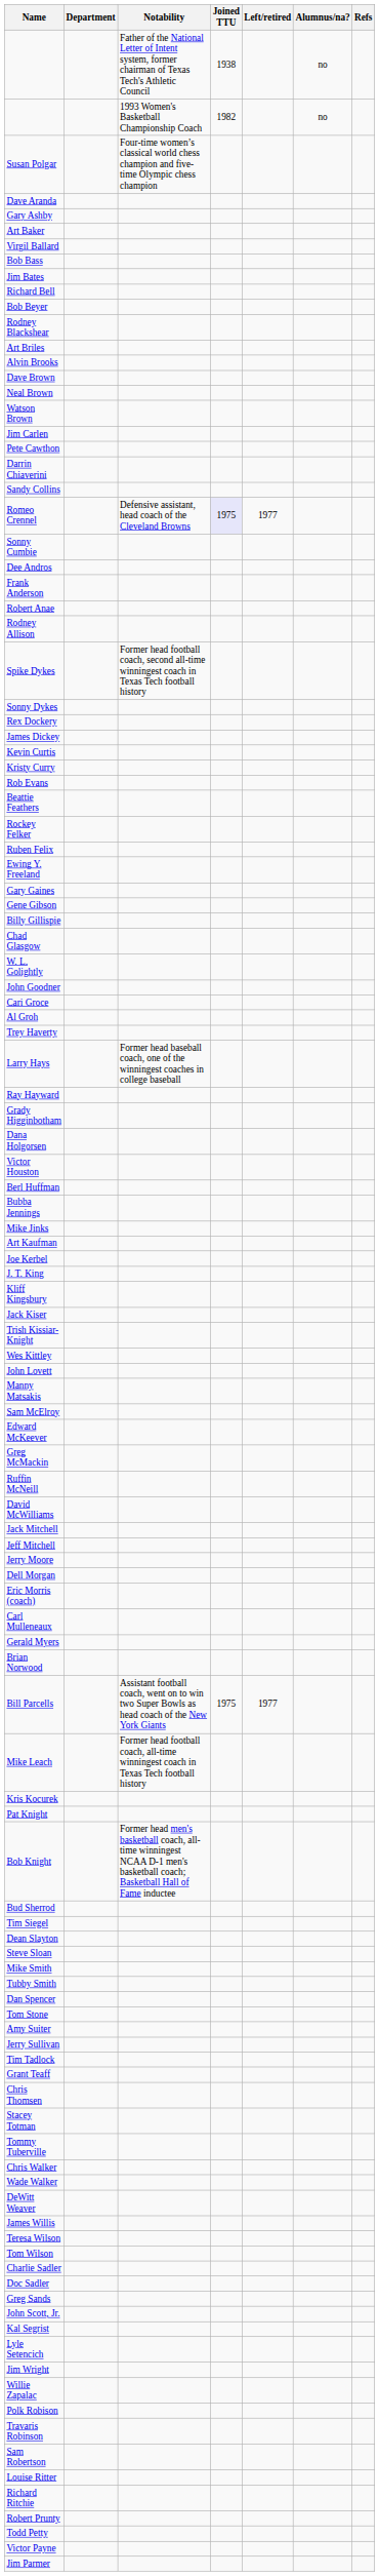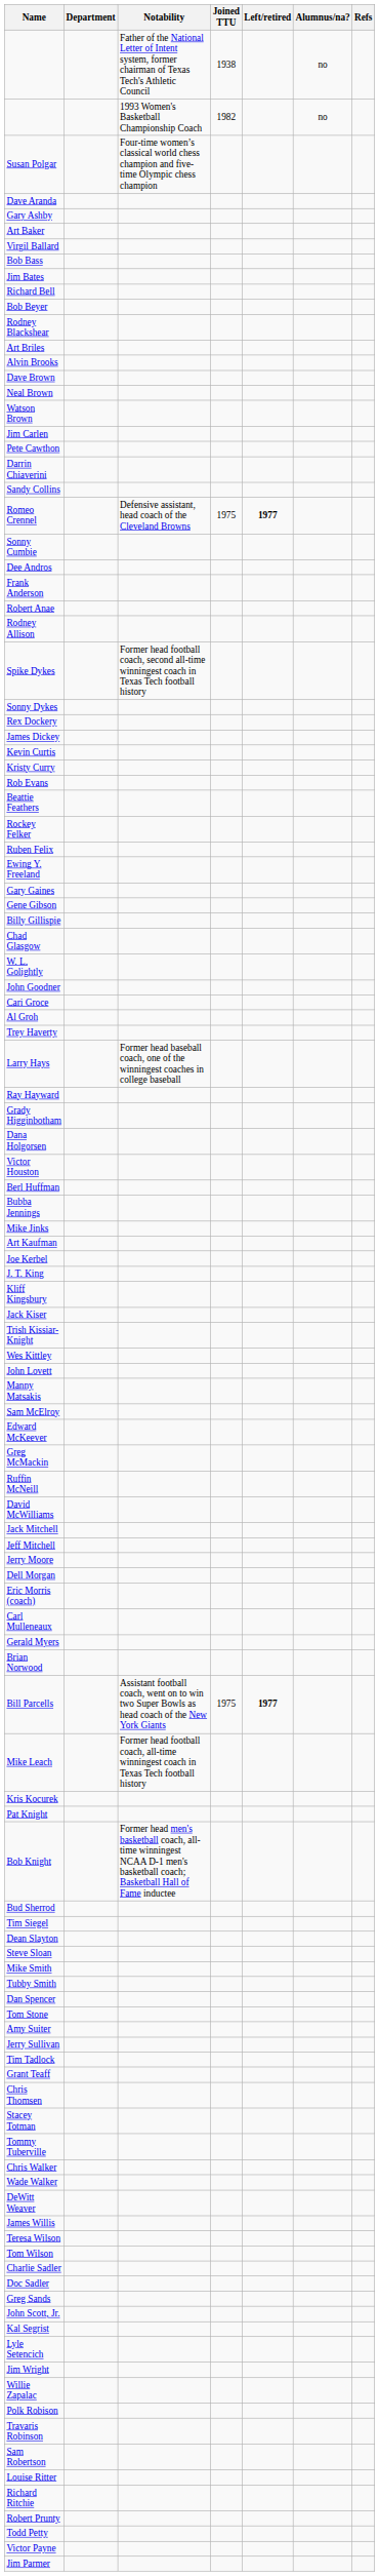 <table class="wikitable sortable" style="width:100%">
 <tr>
 <th width="15%">Name</th>
 <th width="15%">Department</th>
 <th width="50%">Notability</th>
 <th width="*">Joined TTU</th>
 <th width="*">Left/retired</th>
 <th width="*">Alumnus/na?</th>
 <th width="5%" class="unsortable">Refs</th>
 </tr>
 <tr>
 <td></td>
 <td></td>
 <td>Father of the <a href='#'>National Letter of Intent</a> system, former chairman of Texas Tech's Athletic Council</td>
 <td align="center">1938</td>
 <td align="center"></td>
 <td align="center">no</td>
 <td align="center"></td>
 </tr>
 <tr>
 <td></td>
 <td></td>
 <td>1993 Women's Basketball Championship Coach</td>
 <td align="center">1982</td>
 <td align="center"></td>
 <td align="center">no</td>
 <td align="center"></td>
 </tr>
 <tr>
 <td><a href='#'>Susan Polgar</a></td>
 <td></td>
 <td>Four-time women’s classical world chess champion and five-time Olympic chess champion</td>
 <td align="center"></td>
 <td align="center"></td>
 <td align="center"></td>
 <td align="center"></td>
 </tr>
 <tr>
 <td><a href='#'>Dave Aranda</a></td>
 <td></td>
 <td></td>
 <td align="center"></td>
 <td align="center"></td>
 <td align="center"></td>
 <td align="center"></td>
 </tr>
 <tr>
 <td><a href='#'>Gary Ashby</a></td>
 <td></td>
 <td></td>
 <td align="center"></td>
 <td align="center"></td>
 <td align="center"></td>
 <td align="center"></td>
 </tr>
 <tr>
 <td><a href='#'>Art Baker</a></td>
 <td></td>
 <td></td>
 <td align="center"></td>
 <td align="center"></td>
 <td align="center"></td>
 <td align="center"></td>
 </tr>
 <tr>
 <td><a href='#'>Virgil Ballard</a></td>
 <td></td>
 <td></td>
 <td align="center"></td>
 <td align="center"></td>
 <td align="center"></td>
 <td align="center"></td>
 </tr>
 <tr>
 <td><a href='#'>Bob Bass</a></td>
 <td></td>
 <td></td>
 <td align="center"></td>
 <td align="center"></td>
 <td align="center"></td>
 <td align="center"></td>
 </tr>
 <tr>
 <td><a href='#'>Jim Bates</a></td>
 <td></td>
 <td></td>
 <td align="center"></td>
 <td align="center"></td>
 <td align="center"></td>
 <td align="center"></td>
 </tr>
 <tr>
 <td><a href='#'>Richard Bell</a></td>
 <td></td>
 <td></td>
 <td align="center"></td>
 <td align="center"></td>
 <td align="center"></td>
 <td align="center"></td>
 </tr>
 <tr>
 <td><a href='#'>Bob Beyer</a></td>
 <td></td>
 <td></td>
 <td align="center"></td>
 <td align="center"></td>
 <td align="center"></td>
 <td align="center"></td>
 </tr>
 <tr>
 <td><a href='#'>Rodney Blackshear</a></td>
 <td></td>
 <td></td>
 <td align="center"></td>
 <td align="center"></td>
 <td align="center"></td>
 <td align="center"></td>
 </tr>
 <tr>
 <td><a href='#'>Art Briles</a></td>
 <td></td>
 <td></td>
 <td align="center"></td>
 <td align="center"></td>
 <td align="center"></td>
 <td align="center"></td>
 </tr>
 <tr>
 <td><a href='#'>Alvin Brooks</a></td>
 <td></td>
 <td></td>
 <td align="center"></td>
 <td align="center"></td>
 <td align="center"></td>
 <td align="center"></td>
 </tr>
 <tr>
 <td><a href='#'>Dave Brown</a></td>
 <td></td>
 <td></td>
 <td align="center"></td>
 <td align="center"></td>
 <td align="center"></td>
 <td align="center"></td>
 </tr>
 <tr>
 <td><a href='#'>Neal Brown</a></td>
 <td></td>
 <td></td>
 <td align="center"></td>
 <td align="center"></td>
 <td align="center"></td>
 <td align="center"></td>
 </tr>
 <tr>
 <td><a href='#'>Watson Brown</a></td>
 <td></td>
 <td></td>
 <td align="center"></td>
 <td align="center"></td>
 <td align="center"></td>
 <td align="center"></td>
 </tr>
 <tr>
 <td><a href='#'>Jim Carlen</a></td>
 <td></td>
 <td></td>
 <td align="center"></td>
 <td align="center"></td>
 <td align="center"></td>
 <td align="center"></td>
 </tr>
 <tr>
 <td><a href='#'>Pete Cawthon</a></td>
 <td></td>
 <td></td>
 <td align="center"></td>
 <td align="center"></td>
 <td align="center"></td>
 <td align="center"></td>
 </tr>
 <tr>
 <td><a href='#'>Darrin Chiaverini</a></td>
 <td></td>
 <td></td>
 <td align="center"></td>
 <td align="center"></td>
 <td align="center"></td>
 <td align="center"></td>
 </tr>
 <tr>
 <td><a href='#'>Sandy Collins</a></td>
 <td></td>
 <td></td>
 <td align="center"></td>
 <td align="center"></td>
 <td align="center"></td>
 <td align="center"></td>
 </tr>
 <tr>
 <td><a href='#'>Romeo Crennel</a></td>
 <td></td>
 <td>Defensive assistant, head coach of the <a href='#'>Cleveland Browns</a></td>
-<td align="center" style="background: lavender;">1975</td>
-<td align="center">1977</td>
+<td align="center">1975</td>
+<td align="center"><strong>1977</strong></td>
 <td align="center"></td>
 <td align="center"></td>
 </tr>
 <tr>
 <td><a href='#'>Sonny Cumbie</a></td>
 <td></td>
 <td></td>
 <td align="center"></td>
 <td align="center"></td>
 <td align="center"></td>
 <td align="center"></td>
 </tr>
 <tr>
 <td><a href='#'>Dee Andros</a></td>
 <td></td>
 <td></td>
 <td align="center"></td>
 <td align="center"></td>
 <td align="center"></td>
 <td align="center"></td>
 </tr>
 <tr>
 <td><a href='#'>Frank Anderson</a></td>
 <td></td>
 <td></td>
 <td align="center"></td>
 <td align="center"></td>
 <td align="center"></td>
 <td align="center"></td>
 </tr>
 <tr>
 <td><a href='#'>Robert Anae</a></td>
 <td></td>
 <td></td>
 <td align="center"></td>
 <td align="center"></td>
 <td align="center"></td>
 <td align="center"></td>
 </tr>
 <tr>
 <td><a href='#'>Rodney Allison</a></td>
 <td></td>
 <td></td>
 <td align="center"></td>
 <td align="center"></td>
 <td align="center"></td>
 <td align="center"></td>
 </tr>
 <tr>
 <td><a href='#'>Spike Dykes</a></td>
 <td></td>
 <td>Former head football coach, second all-time winningest coach in Texas Tech football history</td>
 <td align="center"></td>
 <td align="center"></td>
 <td align="center"></td>
 <td align="center"></td>
 </tr>
 <tr>
 <td><a href='#'>Sonny Dykes</a></td>
 <td></td>
 <td></td>
 <td align="center"></td>
 <td align="center"></td>
 <td align="center"></td>
 <td align="center"></td>
 </tr>
 <tr>
 <td><a href='#'>Rex Dockery</a></td>
 <td></td>
 <td></td>
 <td align="center"></td>
 <td align="center"></td>
 <td align="center"></td>
 <td align="center"></td>
 </tr>
 <tr>
 <td><a href='#'>James Dickey</a></td>
 <td></td>
 <td></td>
 <td align="center"></td>
 <td align="center"></td>
 <td align="center"></td>
 <td align="center"></td>
 </tr>
 <tr>
 <td><a href='#'>Kevin Curtis</a></td>
 <td></td>
 <td></td>
 <td align="center"></td>
 <td align="center"></td>
 <td align="center"></td>
 <td align="center"></td>
 </tr>
 <tr>
 <td><a href='#'>Kristy Curry</a></td>
 <td></td>
 <td></td>
 <td align="center"></td>
 <td align="center"></td>
 <td align="center"></td>
 <td align="center"></td>
 </tr>
 <tr>
 <td><a href='#'>Rob Evans</a></td>
 <td></td>
 <td></td>
 <td align="center"></td>
 <td align="center"></td>
 <td align="center"></td>
 <td align="center"></td>
 </tr>
 <tr>
 <td><a href='#'>Beattie Feathers</a></td>
 <td></td>
 <td></td>
 <td align="center"></td>
 <td align="center"></td>
 <td align="center"></td>
 <td align="center"></td>
 </tr>
 <tr>
 <td><a href='#'>Rockey Felker</a></td>
 <td></td>
 <td></td>
 <td align="center"></td>
 <td align="center"></td>
 <td align="center"></td>
 <td align="center"></td>
 </tr>
 <tr>
 <td><a href='#'>Ruben Felix</a></td>
 <td></td>
 <td></td>
 <td align="center"></td>
 <td align="center"></td>
 <td align="center"></td>
 <td align="center"></td>
 </tr>
 <tr>
 <td><a href='#'>Ewing Y. Freeland</a></td>
 <td></td>
 <td></td>
 <td align="center"></td>
 <td align="center"></td>
 <td align="center"></td>
 <td align="center"></td>
 </tr>
 <tr>
 <td><a href='#'>Gary Gaines</a></td>
 <td></td>
 <td></td>
 <td align="center"></td>
 <td align="center"></td>
 <td align="center"></td>
 <td align="center"></td>
 </tr>
 <tr>
 <td><a href='#'>Gene Gibson</a></td>
 <td></td>
 <td></td>
 <td align="center"></td>
 <td align="center"></td>
 <td align="center"></td>
 <td align="center"></td>
 </tr>
 <tr>
 <td><a href='#'>Billy Gillispie</a></td>
 <td></td>
 <td></td>
 <td align="center"></td>
 <td align="center"></td>
 <td align="center"></td>
 <td align="center"></td>
 </tr>
 <tr>
 <td><a href='#'>Chad Glasgow</a></td>
 <td></td>
 <td></td>
 <td align="center"></td>
 <td align="center"></td>
 <td align="center"></td>
 <td align="center"></td>
 </tr>
 <tr>
 <td><a href='#'>W. L. Golightly</a></td>
 <td></td>
 <td></td>
 <td align="center"></td>
 <td align="center"></td>
 <td align="center"></td>
 <td align="center"></td>
 </tr>
 <tr>
 <td><a href='#'>John Goodner</a></td>
 <td></td>
 <td></td>
 <td align="center"></td>
 <td align="center"></td>
 <td align="center"></td>
 <td align="center"></td>
 </tr>
 <tr>
 <td><a href='#'>Cari Groce</a></td>
 <td></td>
 <td></td>
 <td align="center"></td>
 <td align="center"></td>
 <td align="center"></td>
 <td align="center"></td>
 </tr>
 <tr>
 <td><a href='#'>Al Groh</a></td>
 <td></td>
 <td></td>
 <td align="center"></td>
 <td align="center"></td>
 <td align="center"></td>
 <td align="center"></td>
 </tr>
 <tr>
 <td><a href='#'>Trey Haverty</a></td>
 <td></td>
 <td></td>
 <td align="center"></td>
 <td align="center"></td>
 <td align="center"></td>
 <td align="center"></td>
 </tr>
 <tr>
 <td><a href='#'>Larry Hays</a></td>
 <td></td>
 <td>Former head baseball coach, one of the winningest coaches in college baseball</td>
 <td align="center"></td>
 <td align="center"></td>
 <td align="center"></td>
 <td align="center"></td>
 </tr>
 <tr>
 <td><a href='#'>Ray Hayward</a></td>
 <td></td>
 <td></td>
 <td align="center"></td>
 <td align="center"></td>
 <td align="center"></td>
 <td align="center"></td>
 </tr>
 <tr>
 <td><a href='#'>Grady Higginbotham</a></td>
 <td></td>
 <td></td>
 <td align="center"></td>
 <td align="center"></td>
 <td align="center"></td>
 <td align="center"></td>
 </tr>
 <tr>
 <td><a href='#'>Dana Holgorsen</a></td>
 <td></td>
 <td></td>
 <td align="center"></td>
 <td align="center"></td>
 <td align="center"></td>
 <td align="center"></td>
 </tr>
 <tr>
 <td><a href='#'>Victor Houston</a></td>
 <td></td>
 <td></td>
 <td align="center"></td>
 <td align="center"></td>
 <td align="center"></td>
 <td align="center"></td>
 </tr>
 <tr>
 <td><a href='#'>Berl Huffman</a></td>
 <td></td>
 <td></td>
 <td align="center"></td>
 <td align="center"></td>
 <td align="center"></td>
 <td align="center"></td>
 </tr>
 <tr>
 <td><a href='#'>Bubba Jennings</a></td>
 <td></td>
 <td></td>
 <td align="center"></td>
 <td align="center"></td>
 <td align="center"></td>
 <td align="center"></td>
 </tr>
 <tr>
 <td><a href='#'>Mike Jinks</a></td>
 <td></td>
 <td></td>
 <td align="center"></td>
 <td align="center"></td>
 <td align="center"></td>
 <td align="center"></td>
 </tr>
 <tr>
 <td><a href='#'>Art Kaufman</a></td>
 <td></td>
 <td></td>
 <td align="center"></td>
 <td align="center"></td>
 <td align="center"></td>
 <td align="center"></td>
 </tr>
 <tr>
 <td><a href='#'>Joe Kerbel</a></td>
 <td></td>
 <td></td>
 <td align="center"></td>
 <td align="center"></td>
 <td align="center"></td>
 <td align="center"></td>
 </tr>
 <tr>
 <td><a href='#'>J. T. King</a></td>
 <td></td>
 <td></td>
 <td align="center"></td>
 <td align="center"></td>
 <td align="center"></td>
 <td align="center"></td>
 </tr>
 <tr>
 <td><a href='#'>Kliff Kingsbury</a></td>
 <td></td>
 <td></td>
 <td align="center"></td>
 <td align="center"></td>
 <td align="center"></td>
 <td align="center"></td>
 </tr>
 <tr>
 <td><a href='#'>Jack Kiser</a></td>
 <td></td>
 <td></td>
 <td align="center"></td>
 <td align="center"></td>
 <td align="center"></td>
 <td align="center"></td>
 </tr>
 <tr>
 <td><a href='#'>Trish Kissiar-Knight</a></td>
 <td></td>
 <td></td>
 <td align="center"></td>
 <td align="center"></td>
 <td align="center"></td>
 <td align="center"></td>
 </tr>
 <tr>
 <td><a href='#'>Wes Kittley</a></td>
 <td></td>
 <td></td>
 <td align="center"></td>
 <td align="center"></td>
 <td align="center"></td>
 <td align="center"></td>
 </tr>
 <tr>
 <td><a href='#'>John Lovett</a></td>
 <td></td>
 <td></td>
 <td align="center"></td>
 <td align="center"></td>
 <td align="center"></td>
 <td align="center"></td>
 </tr>
 <tr>
 <td><a href='#'>Manny Matsakis</a></td>
 <td></td>
 <td></td>
 <td align="center"></td>
 <td align="center"></td>
 <td align="center"></td>
 <td align="center"></td>
 </tr>
 <tr>
 <td><a href='#'>Sam McElroy</a></td>
 <td></td>
 <td></td>
 <td align="center"></td>
 <td align="center"></td>
 <td align="center"></td>
 <td align="center"></td>
 </tr>
 <tr>
 <td><a href='#'>Edward McKeever</a></td>
 <td></td>
 <td></td>
 <td align="center"></td>
 <td align="center"></td>
 <td align="center"></td>
 <td align="center"></td>
 </tr>
 <tr>
 <td><a href='#'>Greg McMackin</a></td>
 <td></td>
 <td></td>
 <td align="center"></td>
 <td align="center"></td>
 <td align="center"></td>
 <td align="center"></td>
 </tr>
 <tr>
 <td><a href='#'>Ruffin McNeill</a></td>
 <td></td>
 <td></td>
 <td align="center"></td>
 <td align="center"></td>
 <td align="center"></td>
 <td align="center"></td>
 </tr>
 <tr>
 <td><a href='#'>David McWilliams</a></td>
 <td></td>
 <td></td>
 <td align="center"></td>
 <td align="center"></td>
 <td align="center"></td>
 <td align="center"></td>
 </tr>
 <tr>
 <td><a href='#'>Jack Mitchell</a></td>
 <td></td>
 <td></td>
 <td align="center"></td>
 <td align="center"></td>
 <td align="center"></td>
 <td align="center"></td>
 </tr>
 <tr>
 <td><a href='#'>Jeff Mitchell</a></td>
 <td></td>
 <td></td>
 <td align="center"></td>
 <td align="center"></td>
 <td align="center"></td>
 <td align="center"></td>
 </tr>
 <tr>
 <td><a href='#'>Jerry Moore</a></td>
 <td></td>
 <td></td>
 <td align="center"></td>
 <td align="center"></td>
 <td align="center"></td>
 <td align="center"></td>
 </tr>
 <tr>
 <td><a href='#'>Dell Morgan</a></td>
 <td></td>
 <td></td>
 <td align="center"></td>
 <td align="center"></td>
 <td align="center"></td>
 <td align="center"></td>
 </tr>
 <tr>
 <td><a href='#'>Eric Morris (coach)</a></td>
 <td></td>
 <td></td>
 <td align="center"></td>
 <td align="center"></td>
 <td align="center"></td>
 <td align="center"></td>
 </tr>
 <tr>
 <td><a href='#'>Carl Mulleneaux</a></td>
 <td></td>
 <td></td>
 <td align="center"></td>
 <td align="center"></td>
 <td align="center"></td>
 <td align="center"></td>
 </tr>
 <tr>
 <td><a href='#'>Gerald Myers</a></td>
 <td></td>
 <td></td>
 <td align="center"></td>
 <td align="center"></td>
 <td align="center"></td>
 <td align="center"></td>
 </tr>
 <tr>
 <td><a href='#'>Brian Norwood</a></td>
 <td></td>
 <td></td>
 <td align="center"></td>
 <td align="center"></td>
 <td align="center"></td>
 <td align="center"></td>
 </tr>
 <tr>
 <td><a href='#'>Bill Parcells</a></td>
 <td></td>
 <td>Assistant football coach, went on to win two Super Bowls as head coach of the <a href='#'>New York Giants</a></td>
 <td align="center">1975</td>
-<td align="center">1977</td>
+<td align="center"><strong>1977</strong></td>
 <td align="center"></td>
 <td align="center"></td>
 </tr>
 <tr>
 <td><a href='#'>Mike Leach</a></td>
 <td></td>
 <td>Former head football coach, all-time winningest coach in Texas Tech football history</td>
 <td align="center"></td>
 <td align="center"></td>
 <td align="center"></td>
 <td align="center"></td>
 </tr>
 <tr>
 <td><a href='#'>Kris Kocurek</a></td>
 <td></td>
 <td></td>
 <td align="center"></td>
 <td align="center"></td>
 <td align="center"></td>
 <td align="center"></td>
 </tr>
 <tr>
 <td><a href='#'>Pat Knight</a></td>
 <td></td>
 <td></td>
 <td align="center"></td>
 <td align="center"></td>
 <td align="center"></td>
 <td align="center"></td>
 </tr>
 <tr>
 <td><a href='#'>Bob Knight</a></td>
 <td></td>
 <td>Former head <a href='#'>men's basketball</a> coach, all-time winningest NCAA D-1 men's basketball coach; <a href='#'>Basketball Hall of Fame</a> inductee</td>
 <td align="center"></td>
 <td align="center"></td>
 <td align="center"></td>
 <td align="center"></td>
 </tr>
 <tr>
 <td><a href='#'>Bud Sherrod</a></td>
 <td></td>
 <td></td>
 <td align="center"></td>
 <td align="center"></td>
 <td align="center"></td>
 <td align="center"></td>
 </tr>
 <tr>
 <td><a href='#'>Tim Siegel</a></td>
 <td></td>
 <td></td>
 <td align="center"></td>
 <td align="center"></td>
 <td align="center"></td>
 <td align="center"></td>
 </tr>
 <tr>
 <td><a href='#'>Dean Slayton</a></td>
 <td></td>
 <td></td>
 <td align="center"></td>
 <td align="center"></td>
 <td align="center"></td>
 <td align="center"></td>
 </tr>
 <tr>
 <td><a href='#'>Steve Sloan</a></td>
 <td></td>
 <td></td>
 <td align="center"></td>
 <td align="center"></td>
 <td align="center"></td>
 <td align="center"></td>
 </tr>
 <tr>
 <td><a href='#'>Mike Smith</a></td>
 <td></td>
 <td></td>
 <td align="center"></td>
 <td align="center"></td>
 <td align="center"></td>
 <td align="center"></td>
 </tr>
 <tr>
 <td><a href='#'>Tubby Smith</a></td>
 <td></td>
 <td></td>
 <td align="center"></td>
 <td align="center"></td>
 <td align="center"></td>
 <td align="center"></td>
 </tr>
 <tr>
 <td><a href='#'>Dan Spencer</a></td>
 <td></td>
 <td></td>
 <td align="center"></td>
 <td align="center"></td>
 <td align="center"></td>
 <td align="center"></td>
 </tr>
 <tr>
 <td><a href='#'>Tom Stone</a></td>
 <td></td>
 <td></td>
 <td align="center"></td>
 <td align="center"></td>
 <td align="center"></td>
 <td align="center"></td>
 </tr>
 <tr>
 <td><a href='#'>Amy Suiter</a></td>
 <td></td>
 <td></td>
 <td align="center"></td>
 <td align="center"></td>
 <td align="center"></td>
 <td align="center"></td>
 </tr>
 <tr>
 <td><a href='#'>Jerry Sullivan</a></td>
 <td></td>
 <td></td>
 <td align="center"></td>
 <td align="center"></td>
 <td align="center"></td>
 <td align="center"></td>
 </tr>
 <tr>
 <td><a href='#'>Tim Tadlock</a></td>
 <td></td>
 <td></td>
 <td align="center"></td>
 <td align="center"></td>
 <td align="center"></td>
 <td align="center"></td>
 </tr>
 <tr>
 <td><a href='#'>Grant Teaff</a></td>
 <td></td>
 <td></td>
 <td align="center"></td>
 <td align="center"></td>
 <td align="center"></td>
 <td align="center"></td>
 </tr>
 <tr>
 <td><a href='#'>Chris Thomsen</a></td>
 <td></td>
 <td></td>
 <td align="center"></td>
 <td align="center"></td>
 <td align="center"></td>
 <td align="center"></td>
 </tr>
 <tr>
 <td><a href='#'>Stacey Totman</a></td>
 <td></td>
 <td></td>
 <td align="center"></td>
 <td align="center"></td>
 <td align="center"></td>
 <td align="center"></td>
 </tr>
 <tr>
 <td><a href='#'>Tommy Tuberville</a></td>
 <td></td>
 <td></td>
 <td align="center"></td>
 <td align="center"></td>
 <td align="center"></td>
 <td align="center"></td>
 </tr>
 <tr>
 <td><a href='#'>Chris Walker</a></td>
 <td></td>
 <td></td>
 <td align="center"></td>
 <td align="center"></td>
 <td align="center"></td>
 <td align="center"></td>
 </tr>
 <tr>
 <td><a href='#'>Wade Walker</a></td>
 <td></td>
 <td></td>
 <td align="center"></td>
 <td align="center"></td>
 <td align="center"></td>
 <td align="center"></td>
 </tr>
 <tr>
 <td><a href='#'>DeWitt Weaver</a></td>
 <td></td>
 <td></td>
 <td align="center"></td>
 <td align="center"></td>
 <td align="center"></td>
 <td align="center"></td>
 </tr>
 <tr>
 <td><a href='#'>James Willis</a></td>
 <td></td>
 <td></td>
 <td align="center"></td>
 <td align="center"></td>
 <td align="center"></td>
 <td align="center"></td>
 </tr>
 <tr>
 <td><a href='#'>Teresa Wilson</a></td>
 <td></td>
 <td></td>
 <td align="center"></td>
 <td align="center"></td>
 <td align="center"></td>
 <td align="center"></td>
 </tr>
 <tr>
 <td><a href='#'>Tom Wilson</a></td>
 <td></td>
 <td></td>
 <td align="center"></td>
 <td align="center"></td>
 <td align="center"></td>
 <td align="center"></td>
 </tr>
 <tr>
 <td><a href='#'>Charlie Sadler</a></td>
 <td></td>
 <td></td>
 <td align="center"></td>
 <td align="center"></td>
 <td align="center"></td>
 <td align="center"></td>
 </tr>
 <tr>
 <td><a href='#'>Doc Sadler</a></td>
 <td></td>
 <td></td>
 <td align="center"></td>
 <td align="center"></td>
 <td align="center"></td>
 <td align="center"></td>
 </tr>
 <tr>
 <td><a href='#'>Greg Sands</a></td>
 <td></td>
 <td></td>
 <td align="center"></td>
 <td align="center"></td>
 <td align="center"></td>
 <td align="center"></td>
 </tr>
 <tr>
 <td><a href='#'>John Scott, Jr.</a></td>
 <td></td>
 <td></td>
 <td align="center"></td>
 <td align="center"></td>
 <td align="center"></td>
 <td align="center"></td>
 </tr>
 <tr>
 <td><a href='#'>Kal Segrist</a></td>
 <td></td>
 <td></td>
 <td align="center"></td>
 <td align="center"></td>
 <td align="center"></td>
 <td align="center"></td>
 </tr>
 <tr>
 <td><a href='#'>Lyle Setencich</a></td>
 <td></td>
 <td></td>
 <td align="center"></td>
 <td align="center"></td>
 <td align="center"></td>
 <td align="center"></td>
 </tr>
 <tr>
 <td><a href='#'>Jim Wright</a></td>
 <td></td>
 <td></td>
 <td align="center"></td>
 <td align="center"></td>
 <td align="center"></td>
 <td align="center"></td>
 </tr>
 <tr>
 <td><a href='#'>Willie Zapalac</a></td>
 <td></td>
 <td></td>
 <td align="center"></td>
 <td align="center"></td>
 <td align="center"></td>
 <td align="center"></td>
 </tr>
 <tr>
 <td><a href='#'>Polk Robison</a></td>
 <td></td>
 <td></td>
 <td align="center"></td>
 <td align="center"></td>
 <td align="center"></td>
 <td align="center"></td>
 </tr>
 <tr>
 <td><a href='#'>Travaris Robinson</a></td>
 <td></td>
 <td></td>
 <td align="center"></td>
 <td align="center"></td>
 <td align="center"></td>
 <td align="center"></td>
 </tr>
 <tr>
 <td><a href='#'>Sam Robertson</a></td>
 <td></td>
 <td></td>
 <td align="center"></td>
 <td align="center"></td>
 <td align="center"></td>
 <td align="center"></td>
 </tr>
 <tr>
 <td><a href='#'>Louise Ritter</a></td>
 <td></td>
 <td></td>
 <td align="center"></td>
 <td align="center"></td>
 <td align="center"></td>
 <td align="center"></td>
 </tr>
 <tr>
 <td><a href='#'>Richard Ritchie</a></td>
 <td></td>
 <td></td>
 <td align="center"></td>
 <td align="center"></td>
 <td align="center"></td>
 <td align="center"></td>
 </tr>
 <tr>
 <td><a href='#'>Robert Prunty</a></td>
 <td></td>
 <td></td>
 <td align="center"></td>
 <td align="center"></td>
 <td align="center"></td>
 <td align="center"></td>
 </tr>
 <tr>
 <td><a href='#'>Todd Petty</a></td>
 <td></td>
 <td></td>
 <td align="center"></td>
 <td align="center"></td>
 <td align="center"></td>
 <td align="center"></td>
 </tr>
 <tr>
 <td><a href='#'>Victor Payne</a></td>
 <td></td>
 <td></td>
 <td align="center"></td>
 <td align="center"></td>
 <td align="center"></td>
 <td align="center"></td>
 </tr>
 <tr>
 <td><a href='#'>Jim Parmer</a></td>
 <td></td>
 <td></td>
 <td align="center"></td>
 <td align="center"></td>
 <td align="center"></td>
 <td align="center"></td>
 </tr>
 </table>
